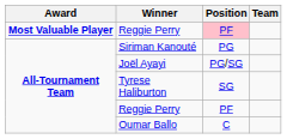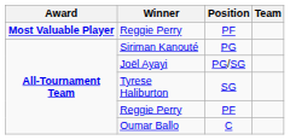 <table class="wikitable" style="width: 30%; text-align:center; font-size:90%">
 <tr>
 <th>Award</th>
 <th>Winner</th>
 <th>Position</th>
 <th>Team</th>
 </tr>
 <tr>
 <td><strong><a href='#'>Most Valuable Player</a></strong></td>
 <td align=left><a href='#'>Reggie Perry</a></td>
-<td align=center style="background: pink;"><a href='#'>PF</a></td>
+<td align=center><a href='#'>PF</a></td>
 <td align=left></td>
 </tr>
 <tr>
 <td rowspan=5><strong><a href='#'>All-Tournament Team</a></strong></td>
 <td align=left><a href='#'>Siriman Kanouté</a></td>
 <td align=center><a href='#'>PG</a></td>
 <td align=left></td>
 </tr>
 <tr>
 <td align=left><a href='#'>Joël Ayayi</a></td>
 <td align=center><a href='#'>PG</a>/<a href='#'>SG</a></td>
 <td align=left></td>
 </tr>
 <tr>
 <td align=left><a href='#'>Tyrese Haliburton</a></td>
 <td align=center><a href='#'>SG</a></td>
 <td align=left></td>
 </tr>
 <tr>
 <td align=left><a href='#'>Reggie Perry</a></td>
 <td align=center><a href='#'>PF</a></td>
 <td align=left></td>
 </tr>
 <tr>
 <td align=left><a href='#'>Oumar Ballo</a></td>
 <td align=center><a href='#'>C</a></td>
 <td align=left></td>
 </tr>
 </table>
